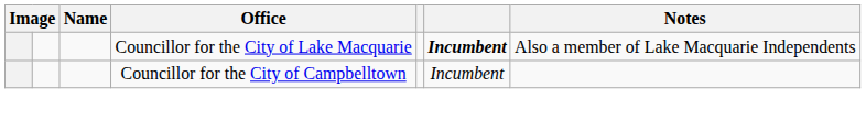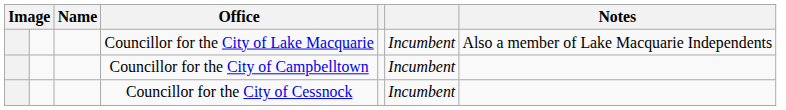 <table class="wikitable" style="text-align:center" "width:100%">
 <tr>
 <th colspan=2>Image</th>
 <th>Name<br></th>
 <th>Office</th>
 <th></th>
 <th></th>
 <th>Notes</th>
 </tr>
 <tr>
 <th style="background:"></th>
 <td></td>
 <td></td>
 <td>Councillor for the <a href='#'>City of Lake Macquarie</a></td>
 <td></td>
-<td><strong><em>Incumbent</em></strong></td>
+<td><em>Incumbent</em></td>
 <td>Also a member of Lake Macquarie Independents</td>
 </tr>
 <tr>
 <th style="background:"></th>
 <td></td>
 <td></td>
 <td>Councillor for the <a href='#'>City of Campbelltown</a></td>
 <td></td>
 <td><em>Incumbent</em></td>
 <td></td>
 </tr>
+<tr>
+<th style="background:"></th>
+<td></td>
+<td></td>
+<td>Councillor for the <a href='#'>City of Cessnock</a></td>
+<td></td>
+<td><em>Incumbent</em></td>
+<td></td>
+</tr>
 </table>
